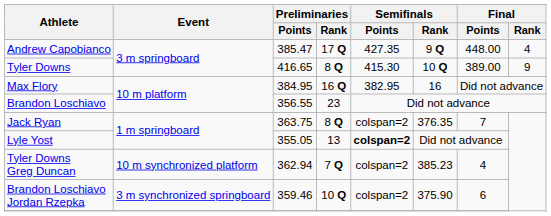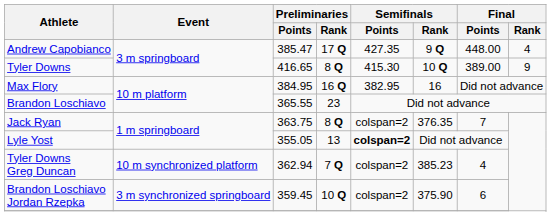 <table class="wikitable" style="text-align:center; font-size:90%;">
 <tr>
 <th rowspan=2>Athlete</th>
 <th rowspan=2>Event</th>
 <th colspan=2>Preliminaries</th>
 <th colspan=2>Semifinals</th>
 <th colspan=2>Final</th>
 </tr>
 <tr style="font-size:95%">
 <th>Points</th>
 <th>Rank</th>
 <th>Points</th>
 <th>Rank</th>
 <th>Points</th>
 <th>Rank</th>
 </tr>
 <tr>
 <td align=left><a href='#'>Andrew Capobianco</a></td>
 <td align=left rowspan=2><a href='#'>3 m springboard</a></td>
 <td>385.47</td>
 <td>17 <strong>Q</strong></td>
 <td>427.35</td>
 <td>9 <strong>Q</strong></td>
 <td>448.00</td>
 <td>4</td>
 </tr>
 <tr>
 <td align=left><a href='#'>Tyler Downs</a></td>
 <td>416.65</td>
 <td>8 <strong>Q</strong></td>
 <td>415.30</td>
 <td>10 <strong>Q</strong></td>
 <td>389.00</td>
 <td>9</td>
 </tr>
 <tr>
 <td align=left><a href='#'>Max Flory</a></td>
 <td align=left rowspan=2><a href='#'>10 m platform</a></td>
 <td>384.95</td>
 <td>16 <strong>Q</strong></td>
 <td>382.95</td>
 <td>16</td>
 <td colspan=2>Did not advance</td>
 </tr>
 <tr>
 <td align=left><a href='#'>Brandon Loschiavo</a></td>
-<td>356.55</td>
+<td>365.55</td>
 <td>23</td>
 <td colspan=4>Did not advance</td>
 </tr>
 <tr>
 <td align=left><a href='#'>Jack Ryan</a></td>
 <td align=left rowspan=2><a href='#'>1 m springboard</a></td>
 <td>363.75</td>
 <td>8 <strong>Q</strong></td>
 <td>colspan=2 </td>
 <td>376.35</td>
 <td>7</td>
 </tr>
 <tr>
 <td align=left><a href='#'>Lyle Yost</a></td>
 <td>355.05</td>
 <td>13</td>
 <td><strong>colspan=2 </strong></td>
 <td colspan=2>Did not advance</td>
 </tr>
 <tr>
 <td align=left><a href='#'>Tyler Downs</a><br> <a href='#'>Greg Duncan</a></td>
 <td align=left><a href='#'>10 m synchronized platform</a></td>
 <td>362.94</td>
 <td>7 <strong>Q</strong></td>
 <td>colspan=2 </td>
 <td>385.23</td>
 <td>4</td>
 </tr>
 <tr>
 <td align=left><a href='#'>Brandon Loschiavo</a><br> <a href='#'>Jordan Rzepka</a></td>
 <td align=left><a href='#'>3 m synchronized springboard</a></td>
-<td>359.46</td>
+<td>359.45</td>
 <td>10 <strong>Q</strong></td>
 <td>colspan=2 </td>
 <td>375.90</td>
 <td>6</td>
 </tr>
 <tr>
 </tr>
 </table>
